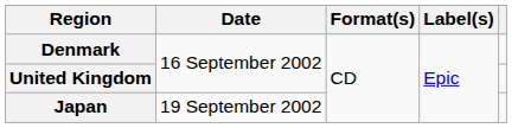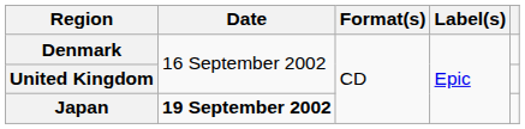 <table class="wikitable plainrowheaders">
 <tr>
 <th scope="col">Region</th>
 <th scope="col">Date</th>
 <th scope="col">Format(s)</th>
 <th scope="col">Label(s)</th>
 <th scope="col"></th>
 </tr>
 <tr>
 <th scope="row">Denmark</th>
 <td rowspan="2">16 September 2002</td>
 <td rowspan="3">CD</td>
 <td rowspan="3"><a href='#'>Epic</a></td>
 <td></td>
 </tr>
 <tr>
 <th scope="row">United Kingdom</th>
 <td></td>
 </tr>
 <tr>
 <th scope="row">Japan</th>
-<td>19 September 2002</td>
+<td><strong>19 September 2002</strong></td>
 <td></td>
 </tr>
 </table>
